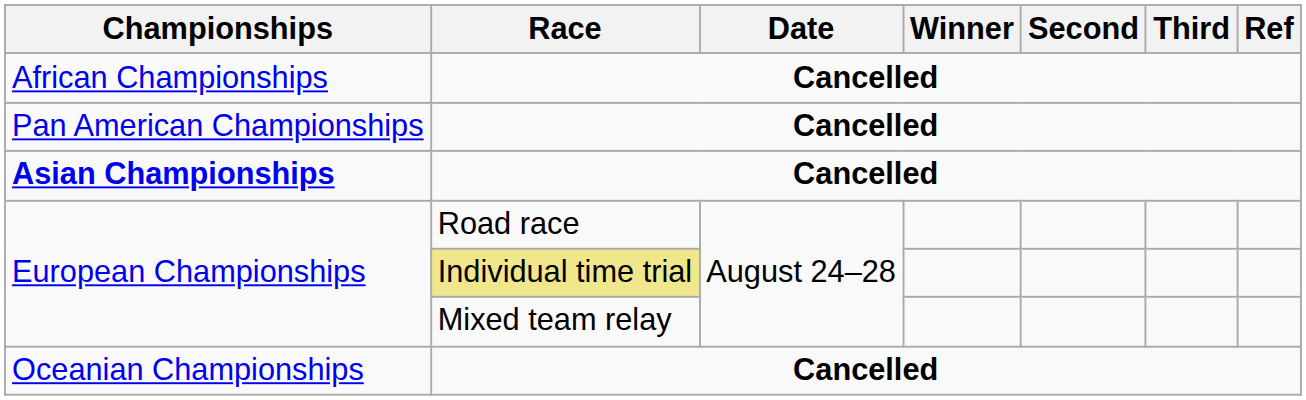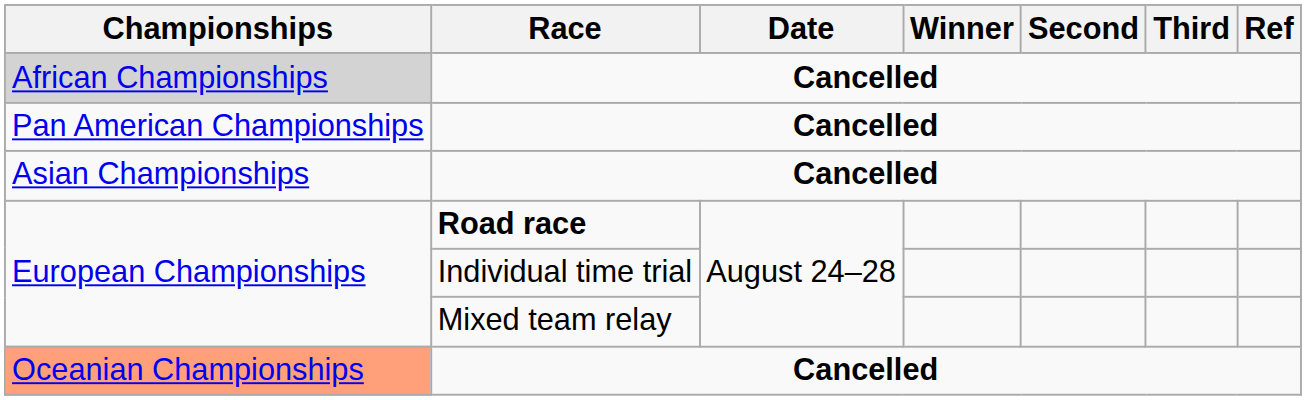 <table class="wikitable plainrowheaders">
 <tr>
 <th>Championships</th>
 <th>Race</th>
 <th>Date</th>
 <th>Winner</th>
 <th>Second</th>
 <th>Third</th>
 <th>Ref</th>
 </tr>
 <tr>
-<td><a href='#'>African Championships</a><br></td>
+<td style="background: lightgrey;"><a href='#'>African Championships</a><br></td>
 <td style="text-align: center;" colspan="6"><strong>Cancelled</strong></td>
 </tr>
 <tr>
 <td><a href='#'>Pan American Championships</a><br></td>
 <td style="text-align: center;" colspan="6"><strong>Cancelled</strong></td>
 </tr>
 <tr>
-<td><strong><a href='#'>Asian Championships</a><br></strong></td>
+<td><a href='#'>Asian Championships</a><br></td>
 <td style="text-align: center;" colspan="6"><strong>Cancelled</strong></td>
 </tr>
 <tr>
 <td rowspan=3><a href='#'>European Championships</a><br></td>
-<td>Road race</td>
+<td><strong>Road race</strong></td>
 <td rowspan=3>August 24–28</td>
 <td></td>
 <td></td>
 <td></td>
 <td></td>
 </tr>
 <tr>
-<td style="background: khaki;">Individual time trial</td>
+<td>Individual time trial</td>
 <td></td>
 <td></td>
 <td></td>
 <td></td>
 </tr>
 <tr>
 <td>Mixed team relay</td>
 <td></td>
 <td></td>
 <td></td>
 <td></td>
 </tr>
 <tr>
-<td><a href='#'>Oceanian Championships</a><br></td>
+<td style="background: lightsalmon;"><a href='#'>Oceanian Championships</a><br></td>
 <td style="text-align: center;" colspan="6"><strong>Cancelled</strong></td>
 </tr>
 </table>
